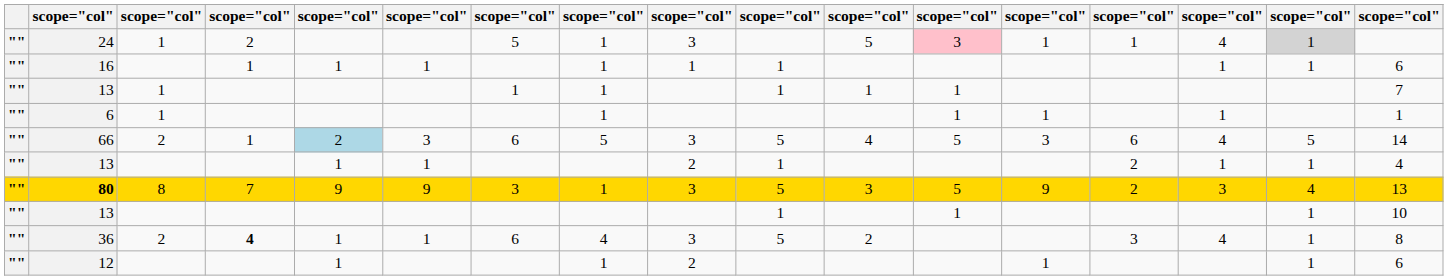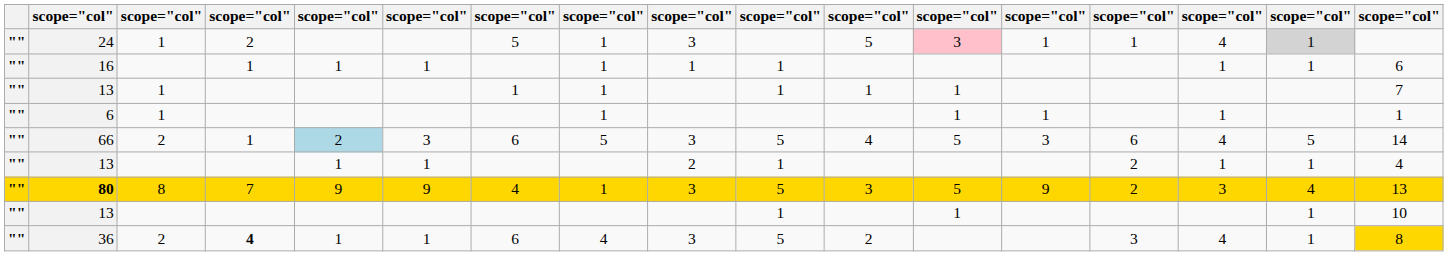 <table class="wikitable plainrowheaders" style="text-align:center;">
 <tr>
 </tr>
 <tr>
 <th></th>
 <th>scope="col" </th>
 <th>scope="col" </th>
 <th>scope="col" </th>
 <th>scope="col" </th>
 <th>scope="col" </th>
 <th>scope="col" </th>
 <th>scope="col" </th>
 <th>scope="col" </th>
 <th>scope="col" </th>
 <th>scope="col" </th>
 <th>scope="col" </th>
 <th>scope="col" </th>
 <th>scope="col" </th>
 <th>scope="col" </th>
 <th>scope="col" </th>
 <th>scope="col" </th>
 </tr>
 <tr>
 <th scope="row" style="text-align:left; background:#f2f2f2;">""</th>
 <td style="text-align:right; background:#f2f2f2;">24</td>
 <td>1</td>
 <td>2</td>
 <td></td>
 <td></td>
 <td>5</td>
 <td>1</td>
 <td>3</td>
 <td></td>
 <td>5</td>
 <td style="background: pink;">3</td>
 <td>1</td>
 <td>1</td>
 <td>4</td>
 <td style="background: lightgrey;">1</td>
 <td></td>
 </tr>
 <tr>
 <th scope="row" style="text-align:left; background:#f2f2f2;">""</th>
 <td style="text-align:right; background:#f2f2f2;">16</td>
 <td></td>
 <td>1</td>
 <td>1</td>
 <td>1</td>
 <td></td>
 <td>1</td>
 <td>1</td>
 <td>1</td>
 <td></td>
 <td></td>
 <td></td>
 <td></td>
 <td>1</td>
 <td>1</td>
 <td>6</td>
 </tr>
 <tr>
 <th scope="row" style="text-align:left; background:#f2f2f2;">""</th>
 <td style="text-align:right; background:#f2f2f2;">13</td>
 <td>1</td>
 <td></td>
 <td></td>
 <td></td>
 <td>1</td>
 <td>1</td>
 <td></td>
 <td>1</td>
 <td>1</td>
 <td>1</td>
 <td></td>
 <td></td>
 <td></td>
 <td></td>
 <td>7</td>
 </tr>
 <tr>
 <th scope="row" style="text-align:left; background:#f2f2f2;">""</th>
 <td style="text-align:right; background:#f2f2f2;">6</td>
 <td>1</td>
 <td></td>
 <td></td>
 <td></td>
 <td></td>
 <td>1</td>
 <td></td>
 <td></td>
 <td></td>
 <td>1</td>
 <td>1</td>
 <td></td>
 <td>1</td>
 <td></td>
 <td>1</td>
 </tr>
 <tr>
 <th scope="row" style="text-align:left; background:#f2f2f2;">""</th>
 <td style="text-align:right; background:#f2f2f2;">66</td>
 <td>2</td>
 <td>1</td>
 <td style="background: lightblue;">2</td>
 <td>3</td>
 <td>6</td>
 <td>5</td>
 <td>3</td>
 <td>5</td>
 <td>4</td>
 <td>5</td>
 <td>3</td>
 <td>6</td>
 <td>4</td>
 <td>5</td>
 <td>14</td>
 </tr>
 <tr>
 <th scope="row" style="text-align:left; background:#f2f2f2;">""</th>
 <td style="text-align:right; background:#f2f2f2;">13</td>
 <td></td>
 <td></td>
 <td>1</td>
 <td>1</td>
 <td></td>
 <td></td>
 <td>2</td>
 <td>1</td>
 <td></td>
 <td></td>
 <td></td>
 <td>2</td>
 <td>1</td>
 <td>1</td>
 <td>4</td>
 </tr>
 <tr style="background:gold;">
 <th scope="row" style="text-align:left; font-weight:bold; background:gold;">""</th>
 <td style="text-align:right; font-weight:bold;">80</td>
 <td>8</td>
 <td>7</td>
 <td>9</td>
 <td>9</td>
-<td>3</td>
+<td>4</td>
 <td>1</td>
 <td>3</td>
 <td>5</td>
 <td>3</td>
 <td>5</td>
 <td>9</td>
 <td>2</td>
 <td>3</td>
 <td>4</td>
 <td>13</td>
 </tr>
 <tr>
 <th scope="row" style="text-align:left; background:#f2f2f2;">""</th>
 <td style="text-align:right; background:#f2f2f2;">13</td>
 <td></td>
 <td></td>
 <td></td>
 <td></td>
 <td></td>
 <td></td>
 <td></td>
 <td>1</td>
 <td></td>
 <td>1</td>
 <td></td>
 <td></td>
 <td></td>
 <td>1</td>
 <td>10</td>
 </tr>
 <tr>
 <th scope="row" style="text-align:left; background:#f2f2f2;">""</th>
 <td style="text-align:right; background:#f2f2f2;">36</td>
 <td>2</td>
 <td><strong>4</strong></td>
 <td>1</td>
 <td>1</td>
 <td>6</td>
 <td>4</td>
 <td>3</td>
 <td>5</td>
 <td>2</td>
 <td></td>
 <td></td>
 <td>3</td>
 <td>4</td>
 <td>1</td>
-<td>8</td>
-</tr>
-<tr>
-<th scope="row" style="text-align:left; background:#f2f2f2;">""</th>
-<td style="text-align:right; background:#f2f2f2;">12</td>
-<td></td>
-<td></td>
-<td>1</td>
-<td></td>
-<td></td>
-<td>1</td>
-<td>2</td>
-<td></td>
-<td></td>
-<td></td>
-<td>1</td>
-<td></td>
-<td></td>
-<td>1</td>
-<td>6</td>
+<td style="background: gold;">8</td>
 </tr>
 </table>
